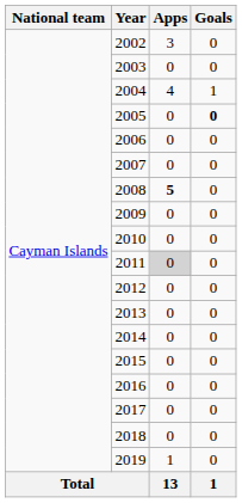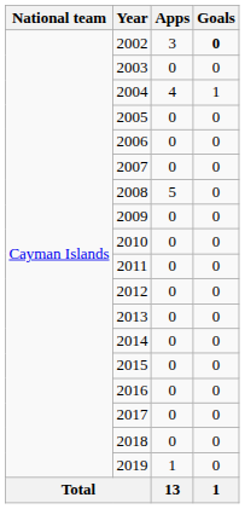 <table class="wikitable" style="text-align:center">
 <tr>
 <th>National team</th>
 <th>Year</th>
 <th>Apps</th>
 <th>Goals</th>
 </tr>
 <tr>
 <td rowspan="18"><a href='#'>Cayman Islands</a></td>
 <td>2002</td>
 <td>3</td>
-<td>0</td>
+<td><strong>0</strong></td>
 </tr>
 <tr>
 <td>2003</td>
 <td>0</td>
 <td>0</td>
 </tr>
 <tr>
 <td>2004</td>
 <td>4</td>
 <td>1</td>
 </tr>
 <tr>
 <td>2005</td>
 <td>0</td>
-<td><strong>0</strong></td>
+<td>0</td>
 </tr>
 <tr>
 <td>2006</td>
 <td>0</td>
 <td>0</td>
 </tr>
 <tr>
 <td>2007</td>
 <td>0</td>
 <td>0</td>
 </tr>
 <tr>
 <td>2008</td>
-<td><strong>5</strong></td>
+<td>5</td>
 <td>0</td>
 </tr>
 <tr>
 <td>2009</td>
 <td>0</td>
 <td>0</td>
 </tr>
 <tr>
 <td>2010</td>
 <td>0</td>
 <td>0</td>
 </tr>
 <tr>
 <td>2011</td>
-<td style="background: lightgrey;">0</td>
+<td>0</td>
 <td>0</td>
 </tr>
 <tr>
 <td>2012</td>
 <td>0</td>
 <td>0</td>
 </tr>
 <tr>
 <td>2013</td>
 <td>0</td>
 <td>0</td>
 </tr>
 <tr>
 <td>2014</td>
 <td>0</td>
 <td>0</td>
 </tr>
 <tr>
 <td>2015</td>
 <td>0</td>
 <td>0</td>
 </tr>
 <tr>
 <td>2016</td>
 <td>0</td>
 <td>0</td>
 </tr>
 <tr>
 <td>2017</td>
 <td>0</td>
 <td>0</td>
 </tr>
 <tr>
 <td>2018</td>
 <td>0</td>
 <td>0</td>
 </tr>
 <tr>
 <td>2019</td>
 <td>1</td>
 <td>0</td>
 </tr>
 <tr>
 <th colspan=2>Total</th>
 <th>13</th>
 <th>1</th>
 </tr>
 </table>
